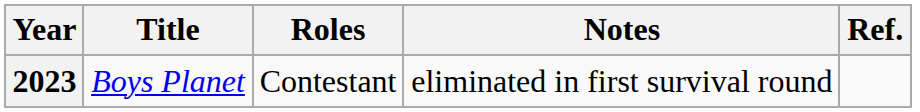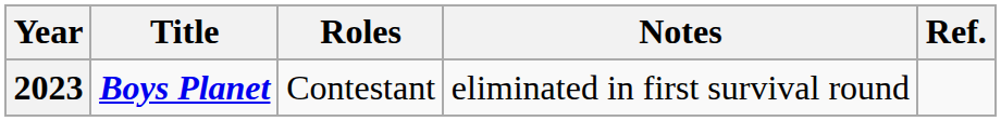 <table class="wikitable sortable plainrowheaders">
 <tr>
 <th>Year</th>
 <th>Title</th>
 <th>Roles</th>
 <th>Notes</th>
 <th>Ref.</th>
 </tr>
 <tr>
 <th scope="row">2023</th>
-<td><em><a href='#'>Boys Planet</a></em></td>
+<td><strong><em><a href='#'>Boys Planet</a></em></strong></td>
 <td>Contestant</td>
 <td>eliminated in first survival round</td>
 <td></td>
 </tr>
 <tr>
 </tr>
 </table>
